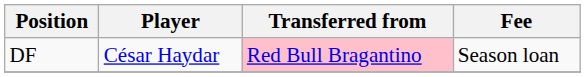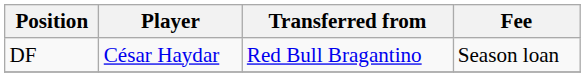 <table class="wikitable sortable" style="width:70%; text-align:center; font-size:100%; text-align:left;">
 <tr>
 <th>Position</th>
 <th>Player</th>
 <th>Transferred from</th>
 <th>Fee</th>
 </tr>
 <tr>
 <td>DF</td>
 <td> <a href='#'>César Haydar</a></td>
-<td style="background: pink;"> <a href='#'>Red Bull Bragantino</a></td>
+<td> <a href='#'>Red Bull Bragantino</a></td>
 <td>Season loan </td>
 </tr>
 <tr>
 </tr>
 </table>
